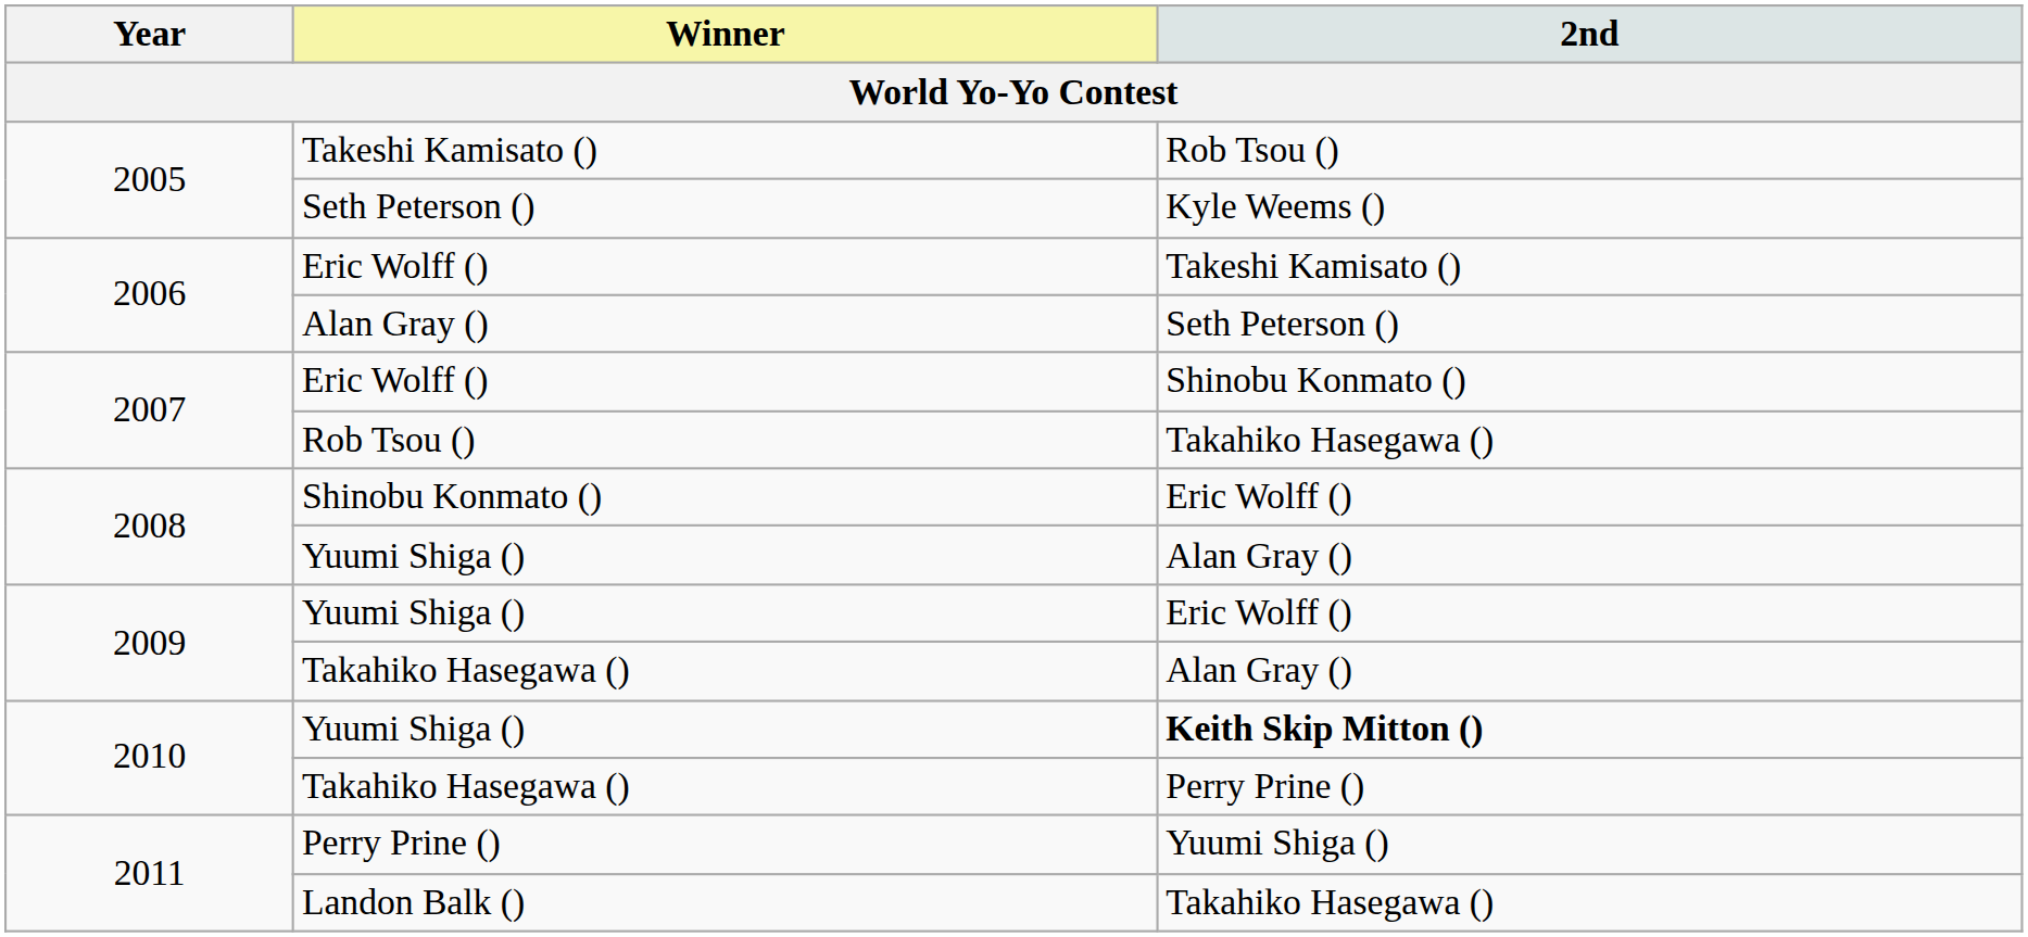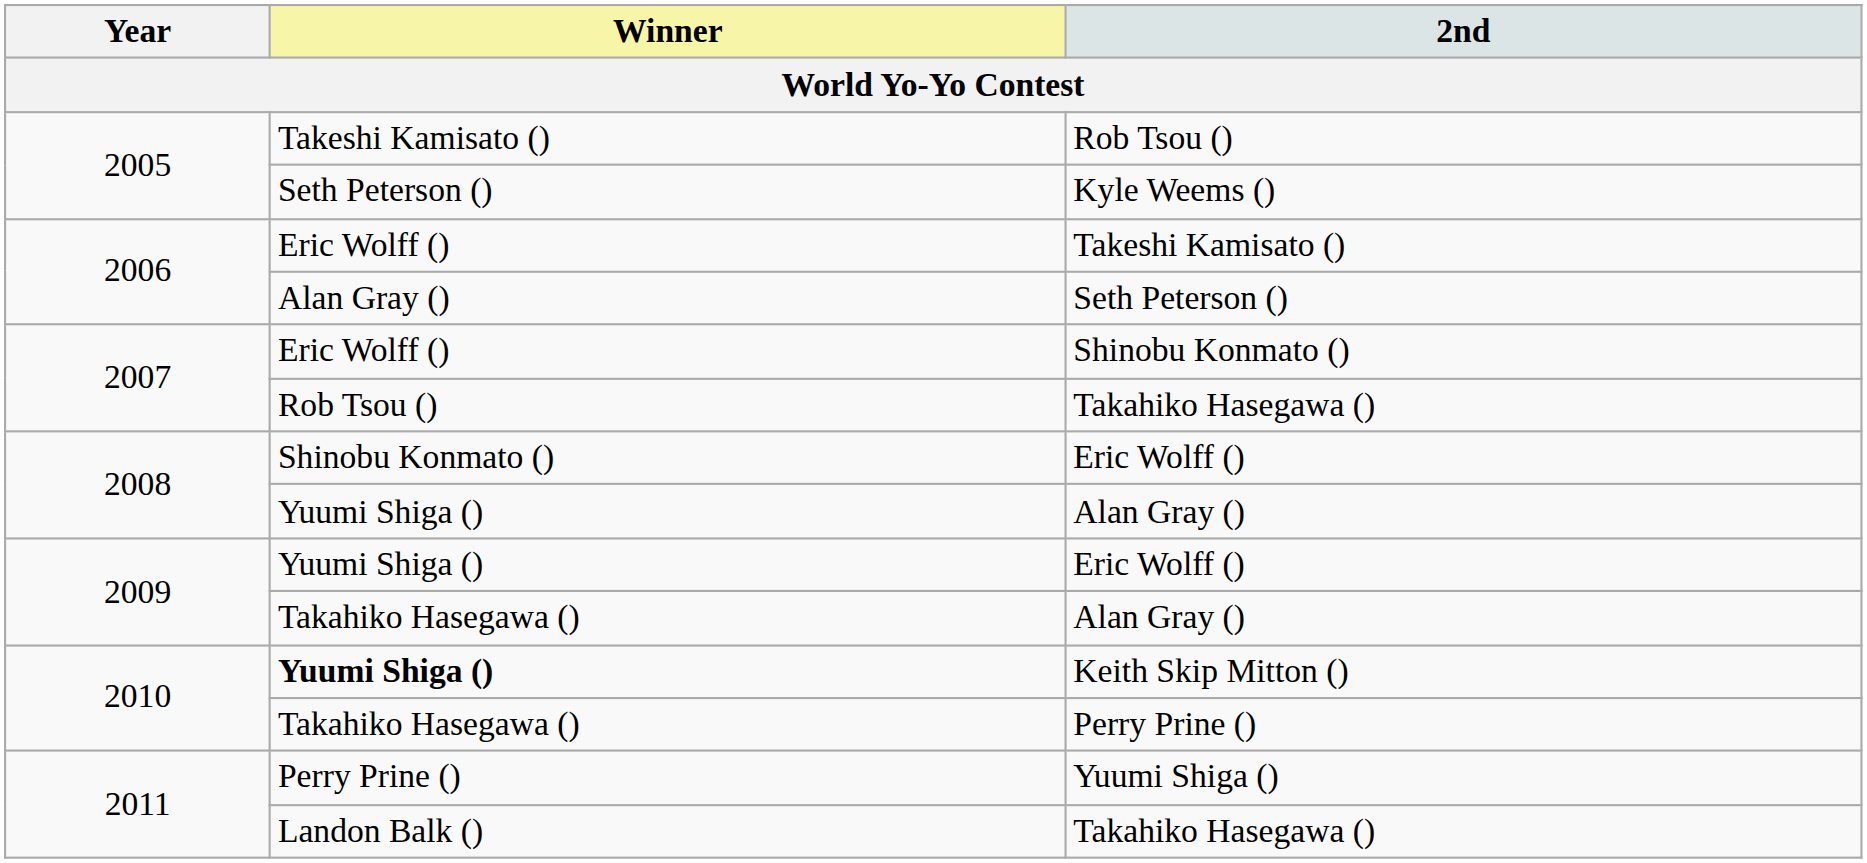 <table class="wikitable" width=70%>
 <tr>
 <th width=10%>Year</th>
 <th style="background-color: #F7F6A8;" width=30%>Winner</th>
 <th style="background-color: #DCE5E5;" width=30%>2nd</th>
 </tr>
 <tr>
 <th colspan="3">World Yo-Yo Contest</th>
 </tr>
 <tr>
 <td align=center rowspan="2">2005</td>
 <td>Takeshi Kamisato ()</td>
 <td>Rob Tsou ()</td>
 </tr>
 <tr>
 <td>Seth Peterson ()</td>
 <td>Kyle Weems ()</td>
 </tr>
 <tr>
 <td align=center rowspan="2">2006</td>
 <td>Eric Wolff ()</td>
 <td>Takeshi Kamisato ()</td>
 </tr>
 <tr>
 <td>Alan Gray ()</td>
 <td>Seth Peterson ()</td>
 </tr>
 <tr>
 <td align=center rowspan="2">2007</td>
 <td>Eric Wolff ()</td>
 <td>Shinobu Konmato ()</td>
 </tr>
 <tr>
 <td>Rob Tsou ()</td>
 <td>Takahiko Hasegawa ()</td>
 </tr>
 <tr>
 <td align=center rowspan="2">2008 </td>
 <td>Shinobu Konmato ()</td>
 <td>Eric Wolff ()</td>
 </tr>
 <tr>
 <td>Yuumi Shiga ()</td>
 <td>Alan Gray ()</td>
 </tr>
 <tr>
 <td align=center rowspan="2">2009</td>
 <td>Yuumi Shiga ()</td>
 <td>Eric Wolff ()</td>
 </tr>
 <tr>
 <td>Takahiko Hasegawa ()</td>
 <td>Alan Gray ()</td>
 </tr>
 <tr>
 <td align=center rowspan="2">2010 </td>
-<td>Yuumi Shiga ()</td>
-<td><strong>Keith Skip Mitton ()</strong></td>
+<td><strong>Yuumi Shiga ()</strong></td>
+<td>Keith Skip Mitton ()</td>
 </tr>
 <tr>
 <td>Takahiko Hasegawa ()</td>
 <td>Perry Prine ()</td>
 </tr>
 <tr>
 <td align=center rowspan="2">2011 </td>
 <td>Perry Prine ()</td>
 <td>Yuumi Shiga ()</td>
 </tr>
 <tr>
 <td>Landon Balk ()</td>
 <td>Takahiko Hasegawa ()</td>
 </tr>
 </table>
